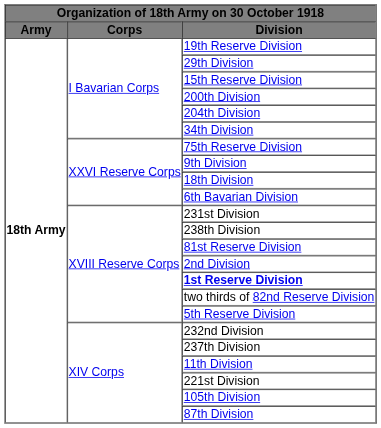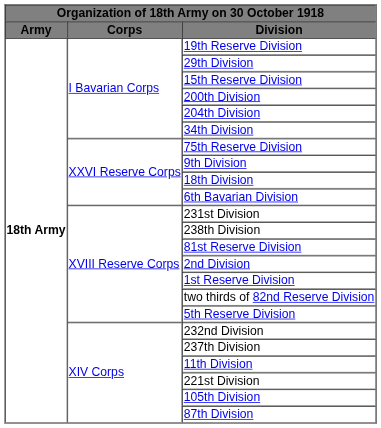 <table style="float: right;" border="1" cellpadding="1" cellspacing="0" style="font-size: 100%; border: gray solid 1px; border-collapse: collapse; text-align: center;">
 <tr style="background-color:grey; color:black;">
 <th colspan="3">Organization of 18th Army on 30 October 1918</th>
 </tr>
 <tr>
 </tr>
 <tr style="background-color:grey; color:black;">
 <th>Army</th>
 <th>Corps</th>
 <th>Division</th>
 </tr>
 <tr>
 <td ROWSPAN=23><strong>18th Army</strong></td>
 <td ROWSPAN=6><a href='#'>I Bavarian Corps</a></td>
 <td><a href='#'>19th Reserve Division</a></td>
 </tr>
 <tr>
 <td><a href='#'>29th Division</a></td>
 </tr>
 <tr>
 <td><a href='#'>15th Reserve Division</a></td>
 </tr>
 <tr>
 <td><a href='#'>200th Division</a></td>
 </tr>
 <tr>
 <td><a href='#'>204th Division</a></td>
 </tr>
 <tr>
 <td><a href='#'>34th Division</a></td>
 </tr>
 <tr>
 <td ROWSPAN=4><a href='#'>XXVI Reserve Corps</a></td>
 <td><a href='#'>75th Reserve Division</a></td>
 </tr>
 <tr>
 <td><a href='#'>9th Division</a></td>
 </tr>
 <tr>
 <td><a href='#'>18th Division</a></td>
 </tr>
 <tr>
 <td><a href='#'>6th Bavarian Division</a></td>
 </tr>
 <tr>
 <td ROWSPAN=7><a href='#'>XVIII Reserve Corps</a></td>
 <td>231st Division</td>
 </tr>
 <tr>
 <td>238th Division</td>
 </tr>
 <tr>
 <td><a href='#'>81st Reserve Division</a></td>
 </tr>
 <tr>
 <td><a href='#'>2nd Division</a></td>
 </tr>
 <tr>
-<td><strong><a href='#'>1st Reserve Division</a></strong></td>
+<td><a href='#'>1st Reserve Division</a></td>
 </tr>
 <tr>
 <td>two thirds of <a href='#'>82nd Reserve Division</a></td>
 </tr>
 <tr>
 <td><a href='#'>5th Reserve Division</a></td>
 </tr>
 <tr>
 <td ROWSPAN=6><a href='#'>XIV Corps</a></td>
 <td>232nd Division</td>
 </tr>
 <tr>
 <td>237th Division</td>
 </tr>
 <tr>
 <td><a href='#'>11th Division</a></td>
 </tr>
 <tr>
 <td>221st Division</td>
 </tr>
 <tr>
 <td><a href='#'>105th Division</a></td>
 </tr>
 <tr>
 <td><a href='#'>87th Division</a></td>
 </tr>
 <tr>
 </tr>
 </table>
